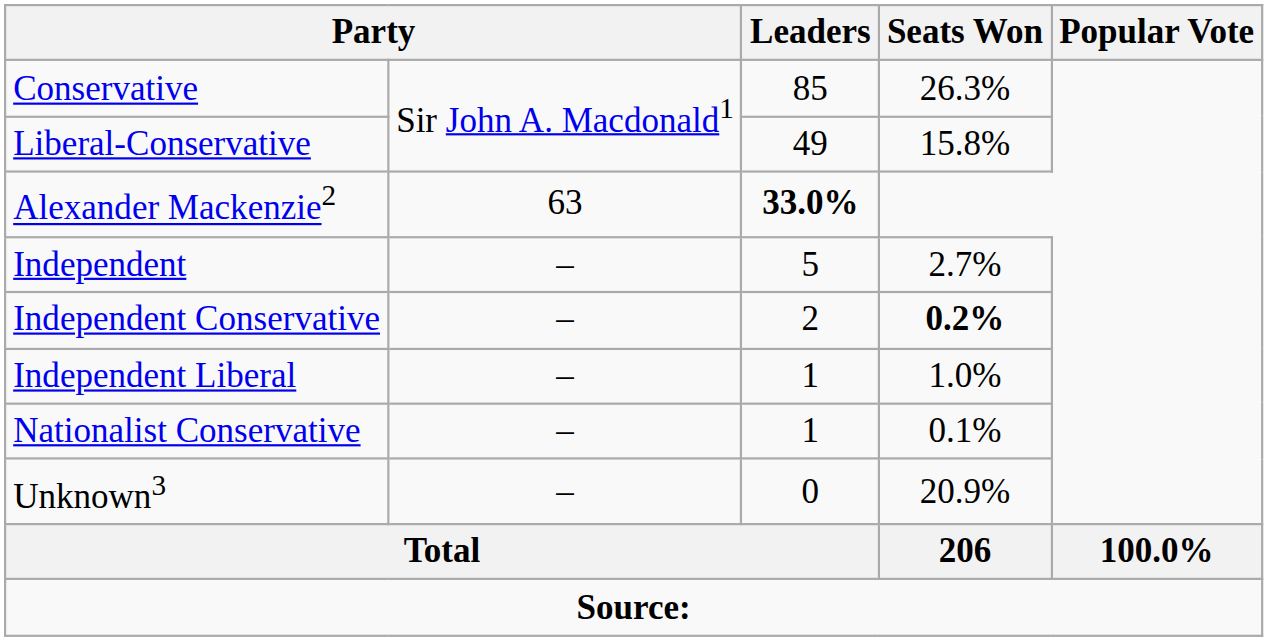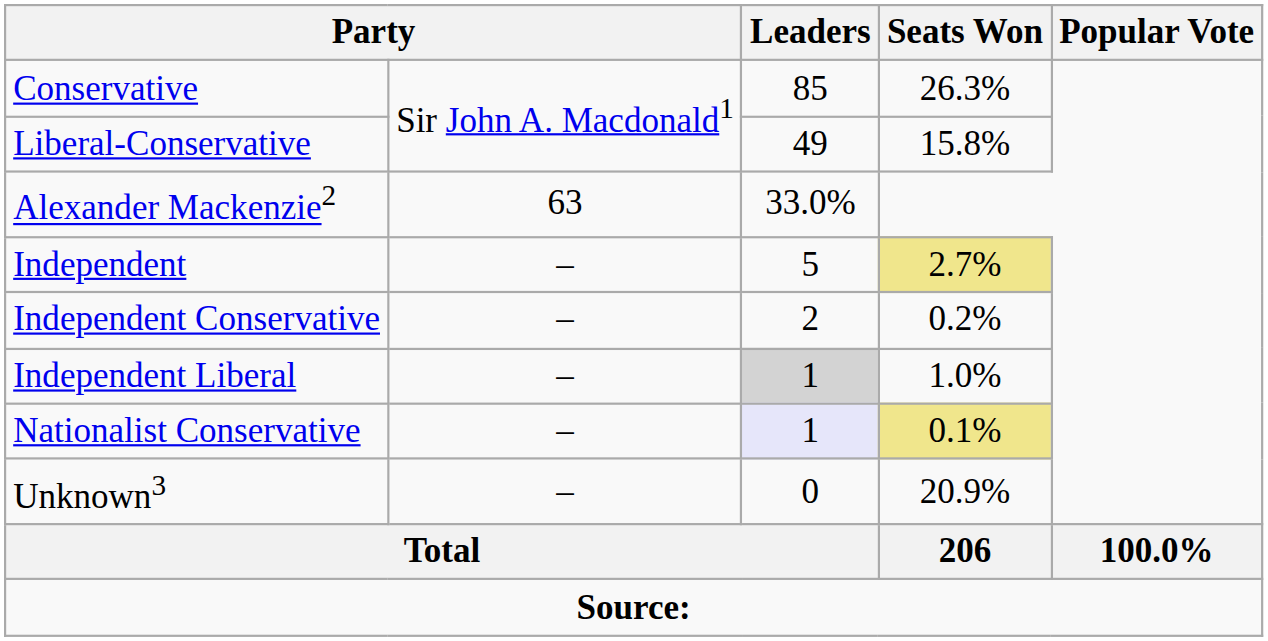 <table class="wikitable">
 <tr>
 <th colspan="2">Party</th>
 <th>Leaders</th>
 <th>Seats Won</th>
 <th>Popular Vote</th>
 </tr>
 <tr>
 <td><a href='#'>Conservative</a></td>
 <td rowspan=2>Sir <a href='#'>John A. Macdonald</a><sup>1</sup></td>
 <td align=center>85</td>
 <td align=center>26.3%</td>
 </tr>
 <tr>
 <td><a href='#'>Liberal-Conservative</a></td>
 <td align=center>49</td>
 <td align=center>15.8%</td>
 </tr>
 <tr>
 <td><a href='#'>Alexander Mackenzie</a><sup>2</sup></td>
 <td align=center>63</td>
-<td align=center><strong>33.0%</strong></td>
+<td align=center>33.0%</td>
 </tr>
 <tr>
 <td><a href='#'>Independent</a></td>
 <td align=center>–</td>
 <td align=center>5</td>
-<td align=center>2.7%</td>
+<td align=center style="background: khaki;">2.7%</td>
 </tr>
 <tr>
 <td><a href='#'>Independent Conservative</a></td>
 <td align=center>–</td>
 <td align=center>2</td>
-<td align=center><strong>0.2%</strong></td>
+<td align=center>0.2%</td>
 </tr>
 <tr>
 <td><a href='#'>Independent Liberal</a></td>
 <td align=center>–</td>
-<td align=center>1</td>
+<td align=center style="background: lightgrey;">1</td>
 <td align=center>1.0%</td>
 </tr>
 <tr>
 <td><a href='#'>Nationalist Conservative</a></td>
 <td align=center>–</td>
-<td align=center>1</td>
-<td align=center>0.1%</td>
+<td align=center style="background: lavender;">1</td>
+<td align=center style="background: khaki;">0.1%</td>
 </tr>
 <tr>
 <td>Unknown<sup>3</sup></td>
 <td align=center>–</td>
 <td align=center>0</td>
 <td align=center>20.9%</td>
 </tr>
 <tr>
 <th colspan=3 align=left>Total</th>
 <th align=right>206</th>
 <th align=right>100.0%</th>
 </tr>
 <tr>
 <td align="center" colspan=5><strong>Source:</strong>  </td>
 </tr>
 </table>
